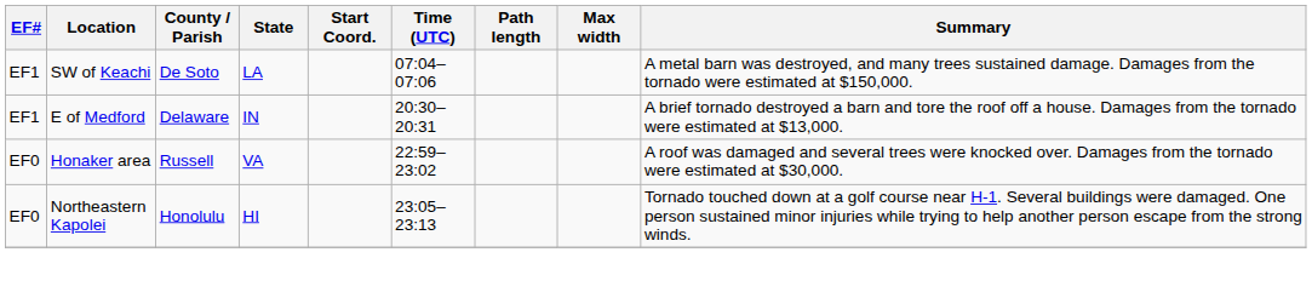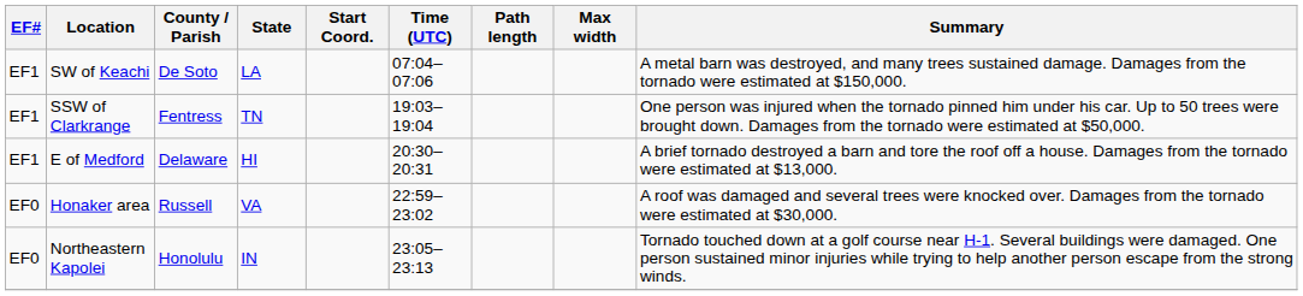 <table class="wikitable sortable" style="width:100%;">
 <tr>
 <th scope="col" width="3%" align="center"><a href='#'>EF#</a></th>
 <th scope="col" width="7%" align="center" class="unsortable">Location</th>
 <th scope="col" width="6%" align="center" class="unsortable">County / Parish</th>
 <th scope="col" width="5%" align="center">State</th>
 <th scope="col" width="6%" align="center">Start Coord.</th>
 <th scope="col" width="6%" align="center">Time (<a href='#'>UTC</a>)</th>
 <th scope="col" width="6%" align="center">Path length</th>
 <th scope="col" width="6%" align="center">Max width</th>
 <th scope="col" width="48%" class="unsortable" align="center">Summary</th>
 </tr>
 <tr>
 <td>EF1</td>
 <td>SW of <a href='#'>Keachi</a></td>
 <td><a href='#'>De Soto</a></td>
 <td><a href='#'>LA</a></td>
 <td></td>
 <td>07:04–07:06</td>
 <td></td>
 <td></td>
 <td>A metal barn was destroyed, and many trees sustained damage. Damages from the tornado were estimated at $150,000.</td>
 </tr>
 <tr>
 <td>EF1</td>
+<td>SSW of <a href='#'>Clarkrange</a></td>
+<td><a href='#'>Fentress</a></td>
+<td><a href='#'>TN</a></td>
+<td></td>
+<td>19:03–19:04</td>
+<td></td>
+<td></td>
+<td>One person was injured when the tornado pinned him under his car. Up to 50 trees were brought down. Damages from the tornado were estimated at $50,000.</td>
+</tr>
+<tr>
+<td>EF1</td>
 <td>E of <a href='#'>Medford</a></td>
 <td><a href='#'>Delaware</a></td>
-<td><a href='#'>IN</a></td>
+<td><a href='#'>HI</a></td>
 <td></td>
 <td>20:30–20:31</td>
 <td></td>
 <td></td>
 <td>A brief tornado destroyed a barn and tore the roof off a house. Damages from the tornado were estimated at $13,000.</td>
 </tr>
 <tr>
 <td>EF0</td>
 <td><a href='#'>Honaker</a> area</td>
 <td><a href='#'>Russell</a></td>
 <td><a href='#'>VA</a></td>
 <td></td>
 <td>22:59–23:02</td>
 <td></td>
 <td></td>
 <td>A roof was damaged and several trees were knocked over. Damages from the tornado were estimated at $30,000.</td>
 </tr>
 <tr>
 <td>EF0</td>
 <td>Northeastern <a href='#'>Kapolei</a></td>
 <td><a href='#'>Honolulu</a></td>
-<td><a href='#'>HI</a></td>
+<td><a href='#'>IN</a></td>
 <td></td>
 <td>23:05–23:13</td>
 <td></td>
 <td></td>
 <td>Tornado touched down at a golf course near <a href='#'>H-1</a>. Several buildings were damaged. One person sustained minor injuries while trying to help another person escape from the strong winds.</td>
 </tr>
 <tr>
 </tr>
 </table>
